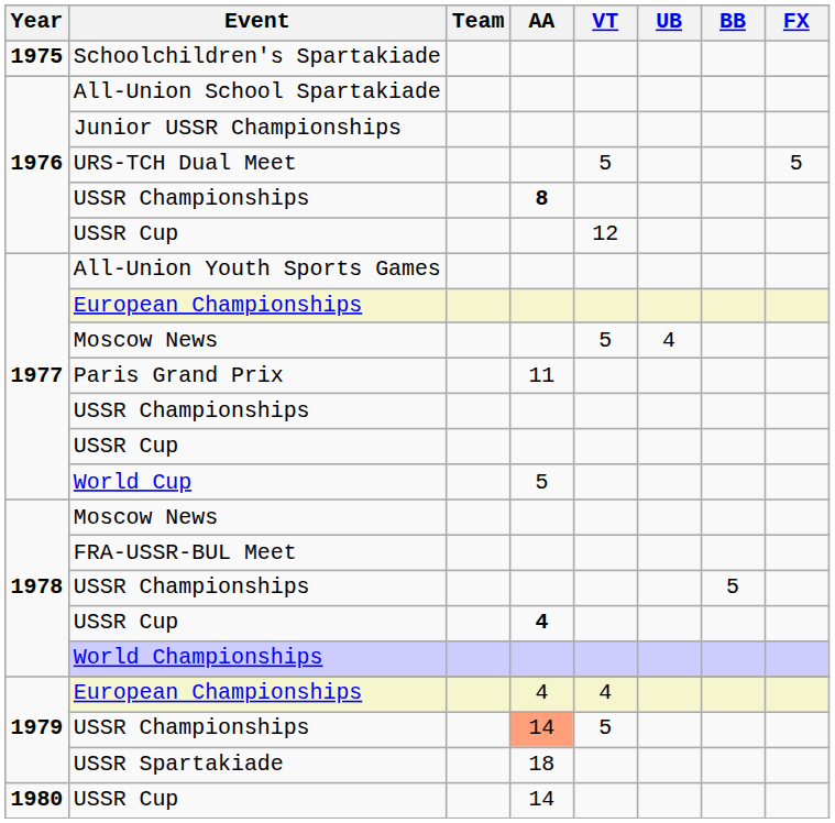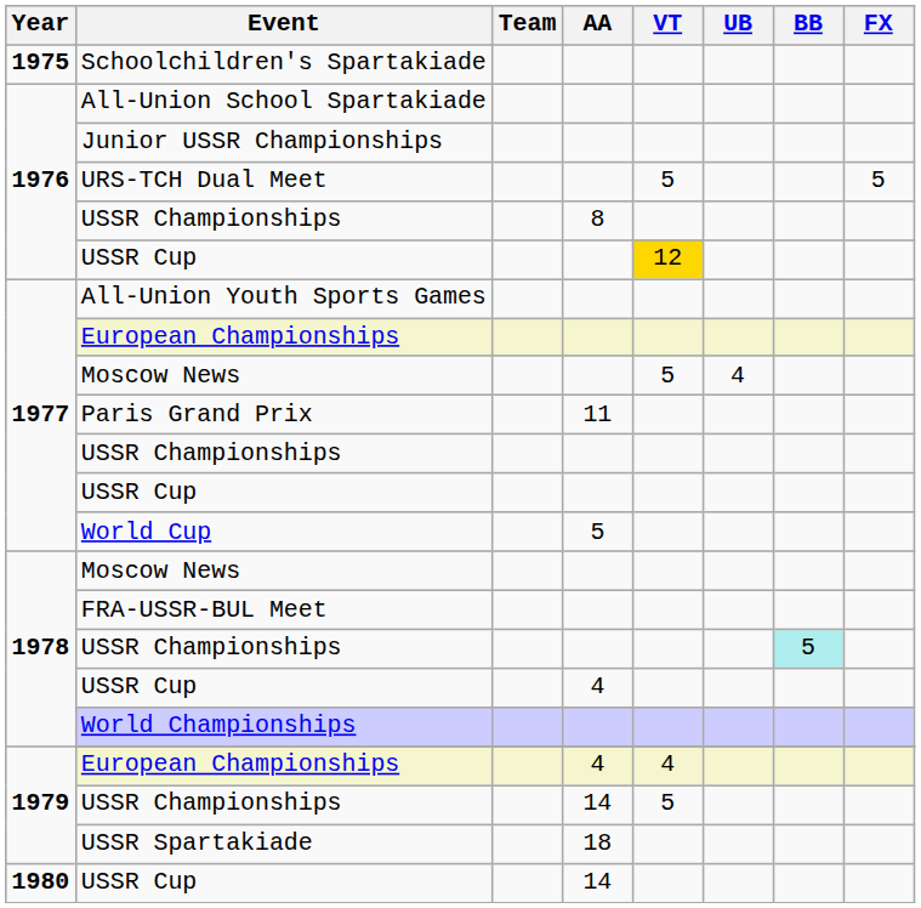 <table class="wikitable" style="text-align:center; font-size:95%;">
 <tr>
 <th align=center>Year</th>
 <th align=center>Event</th>
 <th style="width:30px;">Team</th>
 <th style="width:30px;">AA</th>
 <th style="width:30px;"><a href='#'>VT</a></th>
 <th style="width:30px;"><a href='#'>UB</a></th>
 <th style="width:30px;"><a href='#'>BB</a></th>
 <th style="width:30px;"><a href='#'>FX</a></th>
 </tr>
 <tr>
 <td rowspan="1"><strong>1975</strong></td>
 <td align=left>Schoolchildren's Spartakiade</td>
 <td></td>
 <td></td>
 <td></td>
 <td></td>
 <td></td>
 <td></td>
 </tr>
 <tr>
 <td rowspan="5"><strong>1976</strong></td>
 <td align=left>All-Union School Spartakiade</td>
 <td></td>
 <td></td>
 <td></td>
 <td></td>
 <td></td>
 <td></td>
 </tr>
 <tr>
 <td align=left>Junior USSR Championships</td>
 <td></td>
 <td></td>
 <td></td>
 <td></td>
 <td></td>
 <td></td>
 </tr>
 <tr>
 <td align=left>URS-TCH Dual Meet</td>
 <td></td>
 <td></td>
 <td>5</td>
 <td></td>
 <td></td>
 <td>5</td>
 </tr>
 <tr>
 <td align=left>USSR Championships</td>
 <td></td>
-<td><strong>8</strong></td>
+<td>8</td>
 <td></td>
 <td></td>
 <td></td>
 <td></td>
 </tr>
 <tr>
 <td align=left>USSR Cup</td>
 <td></td>
 <td></td>
-<td>12</td>
+<td style="background: gold;">12</td>
 <td></td>
 <td></td>
 <td></td>
 </tr>
 <tr>
 <td rowspan="7"><strong>1977</strong></td>
 <td align=left>All-Union Youth Sports Games</td>
 <td></td>
 <td></td>
 <td></td>
 <td></td>
 <td></td>
 <td></td>
 </tr>
 <tr bgcolor=#F5F6CE>
 <td align=left><a href='#'>European Championships</a></td>
 <td></td>
 <td></td>
 <td></td>
 <td></td>
 <td></td>
 <td></td>
 </tr>
 <tr>
 <td align=left>Moscow News</td>
 <td></td>
 <td></td>
 <td>5</td>
 <td>4</td>
 <td></td>
 <td></td>
 </tr>
 <tr>
 <td align=left>Paris Grand Prix</td>
 <td></td>
 <td>11</td>
 <td></td>
 <td></td>
 <td></td>
 <td></td>
 </tr>
 <tr>
 <td align=left>USSR Championships</td>
 <td></td>
 <td></td>
 <td></td>
 <td></td>
 <td></td>
 <td></td>
 </tr>
 <tr>
 <td align=left>USSR Cup</td>
 <td></td>
 <td></td>
 <td></td>
 <td></td>
 <td></td>
 <td></td>
 </tr>
 <tr>
 <td align=left><a href='#'>World Cup</a></td>
 <td></td>
 <td>5</td>
 <td></td>
 <td></td>
 <td></td>
 <td></td>
 </tr>
 <tr>
 <td rowspan="5"><strong>1978</strong></td>
 <td align=left>Moscow News</td>
 <td></td>
 <td></td>
 <td></td>
 <td></td>
 <td></td>
 <td></td>
 </tr>
 <tr>
 <td align=left>FRA-USSR-BUL Meet</td>
 <td></td>
 <td></td>
 <td></td>
 <td></td>
 <td></td>
 <td></td>
 </tr>
 <tr>
 <td align=left>USSR Championships</td>
 <td></td>
 <td></td>
 <td></td>
 <td></td>
-<td>5</td>
+<td style="background: paleturquoise;">5</td>
 <td></td>
 </tr>
 <tr>
 <td align=left>USSR Cup</td>
 <td></td>
-<td><strong>4</strong></td>
+<td>4</td>
 <td></td>
 <td></td>
 <td></td>
 <td></td>
 </tr>
 <tr bgcolor=#CCCCFF>
 <td align=left><a href='#'>World Championships</a></td>
 <td></td>
 <td></td>
 <td></td>
 <td></td>
 <td></td>
 <td></td>
 </tr>
 <tr>
 <td rowspan="4"><strong>1979</strong></td>
 </tr>
 <tr bgcolor=#F5F6CE>
 <td align=left><a href='#'>European Championships</a></td>
 <td></td>
 <td>4</td>
 <td>4</td>
 <td></td>
 <td></td>
 <td></td>
 </tr>
 <tr>
 <td align=left>USSR Championships</td>
 <td></td>
-<td style="background: lightsalmon;">14</td>
+<td>14</td>
 <td>5</td>
 <td></td>
 <td></td>
 <td></td>
 </tr>
 <tr>
 <td align=left>USSR Spartakiade</td>
 <td></td>
 <td>18</td>
 <td></td>
 <td></td>
 <td></td>
 <td></td>
 </tr>
 <tr>
 <td rowspan="1"><strong>1980</strong></td>
 <td align=left>USSR Cup</td>
 <td></td>
 <td>14</td>
 <td></td>
 <td></td>
 <td></td>
 <td></td>
 </tr>
 </table>
